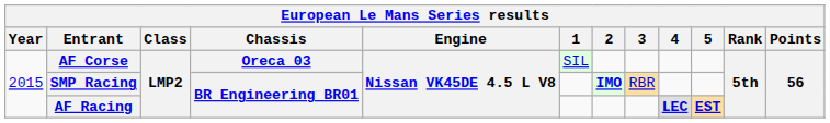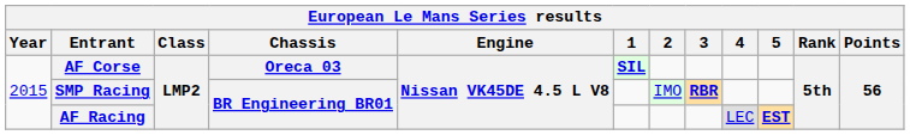 <table class="wikitable" style="text-align:center; font-size:85%">
 <tr>
 <th colspan=45><a href='#'>European Le Mans Series</a> results</th>
 </tr>
 <tr>
 <th>Year</th>
 <th>Entrant</th>
 <th>Class</th>
 <th>Chassis</th>
 <th>Engine</th>
 <th>1</th>
 <th>2</th>
 <th>3</th>
 <th>4</th>
 <th>5</th>
 <th>Rank</th>
 <th>Points</th>
 </tr>
 <tr>
 <td rowspan=3><a href='#'>2015</a></td>
 <th nowrap><a href='#'>AF Corse</a></th>
 <th rowspan=3>LMP2</th>
 <th nowrap><a href='#'>Oreca 03</a></th>
 <th rowspan=3><a href='#'>Nissan</a> <a href='#'>VK45DE</a> 4.5 L V8</th>
-<td style="background:#DFFFDF;"><a href='#'>SIL</a><br></td>
+<td style="background:#DFFFDF;"><strong><a href='#'>SIL</a><br></strong></td>
 <td></td>
 <td></td>
 <td></td>
 <td></td>
 <th rowspan=3>5th</th>
 <th rowspan=3>56</th>
 </tr>
 <tr>
 <th nowrap><a href='#'>SMP Racing</a></th>
 <th rowspan=2 nowrap><a href='#'>BR Engineering BR01</a></th>
 <td></td>
-<td style="background:#DFFFDF;"><strong><a href='#'>IMO</a><br></strong></td>
-<td style="background:#FFDF9F;"><a href='#'>RBR</a><br></td>
+<td style="background:#DFFFDF;"><a href='#'>IMO</a><br></td>
+<td style="background:#FFDF9F;"><strong><a href='#'>RBR</a><br></strong></td>
 <td></td>
 <td></td>
 </tr>
 <tr>
 <th nowrap><a href='#'>AF Racing</a></th>
 <td></td>
 <td></td>
 <td></td>
-<td style="background:#DFDFDF;"><strong><a href='#'>LEC</a><br></strong></td>
+<td style="background:#DFDFDF;"><a href='#'>LEC</a><br></td>
 <td style="background:#FFDF9F;"><strong><a href='#'>EST</a><br></strong></td>
 </tr>
 </table>
